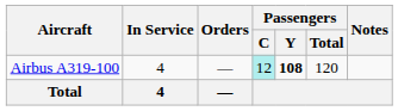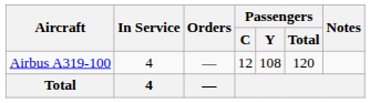 <table class="wikitable" style="border-collapse:collapse;text-align:center;margin:auto;">
 <tr>
 <th rowspan="2">Aircraft</th>
 <th rowspan="2">In Service</th>
 <th rowspan="2">Orders</th>
 <th colspan="3">Passengers</th>
 <th rowspan="2">Notes</th>
 </tr>
 <tr>
 <th><abbr>C</abbr></th>
 <th><abbr>Y</abbr></th>
 <th>Total</th>
 </tr>
 <tr>
 <td><a href='#'>Airbus A319-100</a></td>
 <td>4</td>
 <td>—</td>
-<td style="background: paleturquoise;">12</td>
-<td><strong>108</strong></td>
+<td>12</td>
+<td>108</td>
 <td>120</td>
 <td></td>
 </tr>
 <tr>
 <th>Total</th>
 <th>4</th>
 <th>—</th>
 <th colspan="4"></th>
 </tr>
 </table>
